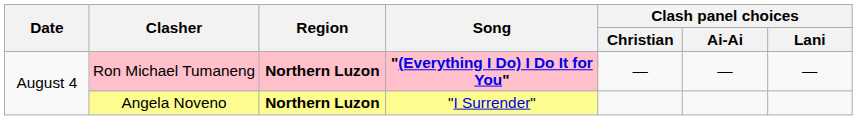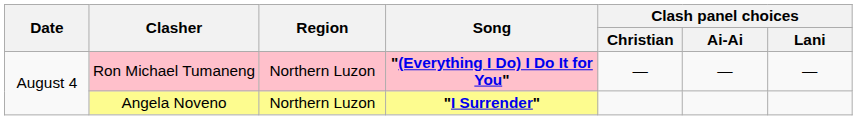 <table class="wikitable" style="text-align:center; line-height:17px; width:100%;">
 <tr>
 <th rowspan="2" width="10%">Date</th>
 <th rowspan="2">Clasher</th>
 <th rowspan="2" width="15%">Region</th>
 <th rowspan="2" width="25%">Song</th>
 <th colspan="3" width="30%">Clash panel choices</th>
 </tr>
 <tr>
 <th width="10%">Christian</th>
 <th width="10%">Ai-Ai</th>
 <th width="10%">Lani</th>
 </tr>
 <tr>
 <td rowspan="2">August 4 <br></td>
 <td style="background:pink;">Ron Michael Tumaneng</td>
-<td style="background:pink;"><strong>Northern Luzon</strong></td>
+<td style="background:pink;">Northern Luzon</td>
 <td style="background:pink;"><strong>"<a href='#'>(Everything I Do) I Do It for You</a>"</strong></td>
 <td>—</td>
 <td>—</td>
 <td>—</td>
 </tr>
 <tr>
 <td style="background:#fdfc8f;">Angela Noveno</td>
-<td style="background:#fdfc8f;"><strong>Northern Luzon</strong></td>
-<td style="background:#fdfc8f;">"<a href='#'>I Surrender</a>"</td>
+<td style="background:#fdfc8f;">Northern Luzon</td>
+<td style="background:#fdfc8f;"><strong>"<a href='#'>I Surrender</a>"</strong></td>
 <td><strong></strong></td>
 <td><strong></strong></td>
 <td><strong></strong></td>
 </tr>
 </table>
